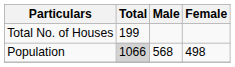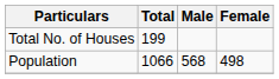 <table class="wikitable sortable">
 <tr>
 <th>Particulars</th>
 <th>Total</th>
 <th>Male</th>
 <th>Female</th>
 </tr>
 <tr>
 <td>Total No. of Houses</td>
 <td>199</td>
 <td></td>
 <td></td>
 </tr>
 <tr>
 <td>Population</td>
-<td style="background: lightgrey;">1066</td>
+<td>1066</td>
 <td>568</td>
 <td>498</td>
 </tr>
 <tr>
 </tr>
 </table>
